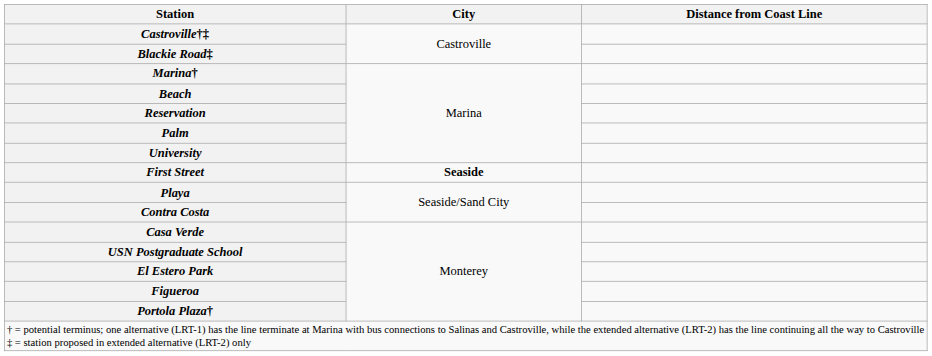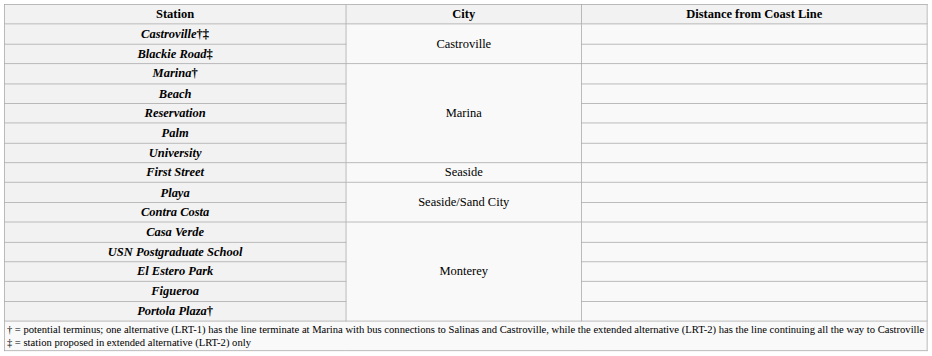 <table class="wikitable sortable" style="font-size:100%;text-align:center;">
 <tr>
 <th>Station</th>
 <th>City</th>
 <th>Distance from Coast Line</th>
 </tr>
 <tr>
 <th><em>Castroville</em>†‡</th>
 <td rowspan=2>Castroville</td>
 <td></td>
 </tr>
 <tr>
 <th><em>Blackie Road</em>‡</th>
 <td></td>
 </tr>
 <tr>
 <th><em>Marina</em>†</th>
 <td rowspan=5>Marina</td>
 <td></td>
 </tr>
 <tr>
 <th><em>Beach</em></th>
 <td></td>
 </tr>
 <tr>
 <th><em>Reservation</em></th>
 <td></td>
 </tr>
 <tr>
 <th><em>Palm</em></th>
 <td></td>
 </tr>
 <tr>
 <th><em>University</em></th>
 <td></td>
 </tr>
 <tr>
 <th><em>First Street</em></th>
-<td><strong>Seaside</strong></td>
+<td>Seaside</td>
 <td></td>
 </tr>
 <tr>
 <th><em>Playa</em></th>
 <td rowspan=2>Seaside/Sand City</td>
 <td></td>
 </tr>
 <tr>
 <th><em>Contra Costa</em></th>
 <td></td>
 </tr>
 <tr>
 <th><em>Casa Verde</em></th>
 <td rowspan=5>Monterey</td>
 <td></td>
 </tr>
 <tr>
 <th><em>USN Postgraduate School</em></th>
 <td></td>
 </tr>
 <tr>
 <th><em>El Estero Park</em></th>
 <td></td>
 </tr>
 <tr>
 <th><em>Figueroa</em></th>
 <td></td>
 </tr>
 <tr>
 <th><em>Portola Plaza</em>†</th>
 <td></td>
 </tr>
 <tr>
 <td colspan=3 data-sort-value="zzzz" style="text-align:left;font-size:85%;">† = potential terminus; one alternative (LRT-1) has the line terminate at Marina with bus connections to Salinas and Castroville, while the extended alternative (LRT-2) has the line continuing all the way to Castroville<br>‡ = station proposed in extended alternative (LRT-2) only</td>
 </tr>
 </table>
